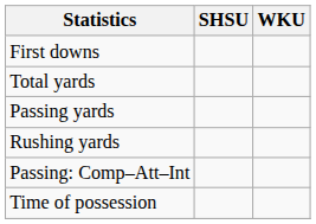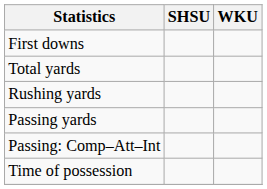 <table class="wikitable" style="float: left;">
 <tr>
 <th>Statistics</th>
 <th>SHSU</th>
 <th>WKU</th>
 </tr>
 <tr>
 <td>First downs</td>
 <td></td>
 <td></td>
 </tr>
 <tr>
 <td>Total yards</td>
 <td></td>
 <td></td>
 </tr>
 <tr>
-<td>Passing yards</td>
+<td>Rushing yards</td>
 <td></td>
 <td></td>
 </tr>
 <tr>
-<td>Rushing yards</td>
+<td>Passing yards</td>
 <td></td>
 <td></td>
 </tr>
 <tr>
 <td>Passing: Comp–Att–Int</td>
 <td></td>
 <td></td>
 </tr>
 <tr>
 <td>Time of possession</td>
 <td></td>
 <td></td>
 </tr>
 <tr>
 </tr>
 </table>
